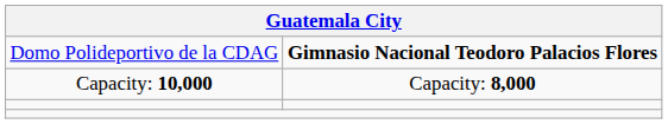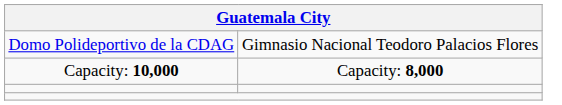 <table class="wikitable" style="text-align:center;">
 <tr>
 <th colspan=2> <a href='#'>Guatemala City</a></th>
 </tr>
 <tr>
 <td><a href='#'>Domo Polideportivo de la CDAG</a></td>
-<td><strong>Gimnasio Nacional Teodoro Palacios Flores</strong></td>
+<td>Gimnasio Nacional Teodoro Palacios Flores</td>
 </tr>
 <tr>
 <td>Capacity: <strong>10,000</strong></td>
 <td>Capacity: <strong>8,000</strong></td>
 </tr>
 <tr>
 <td></td>
 <td></td>
 </tr>
 <tr>
 <td rowspan=4 colspan=2></td>
 </tr>
 </table>
